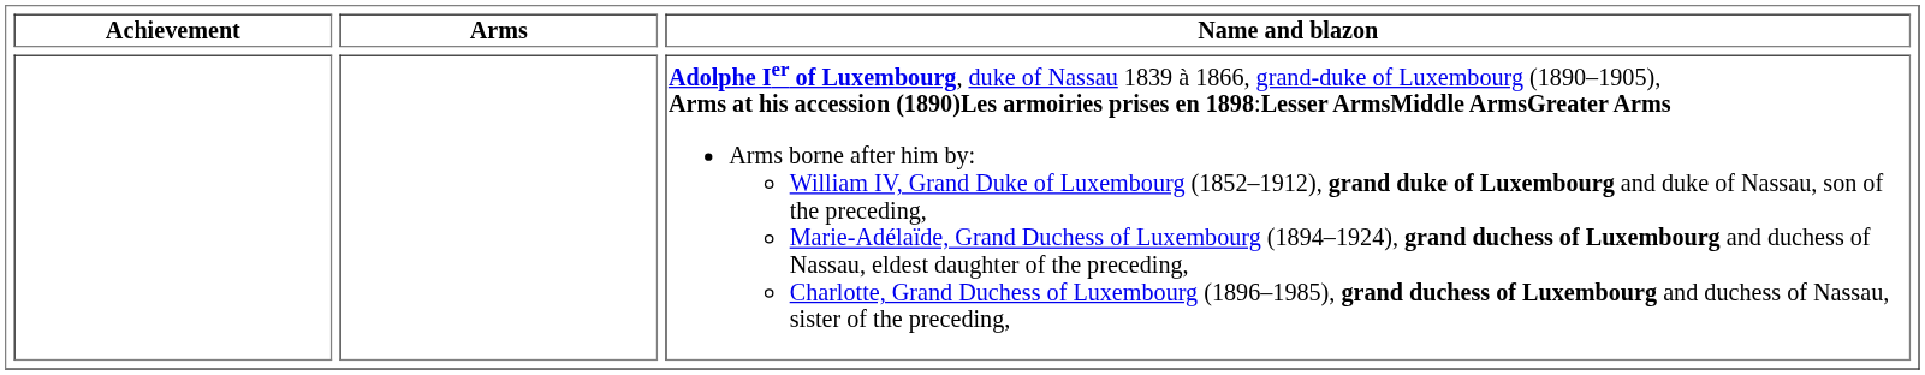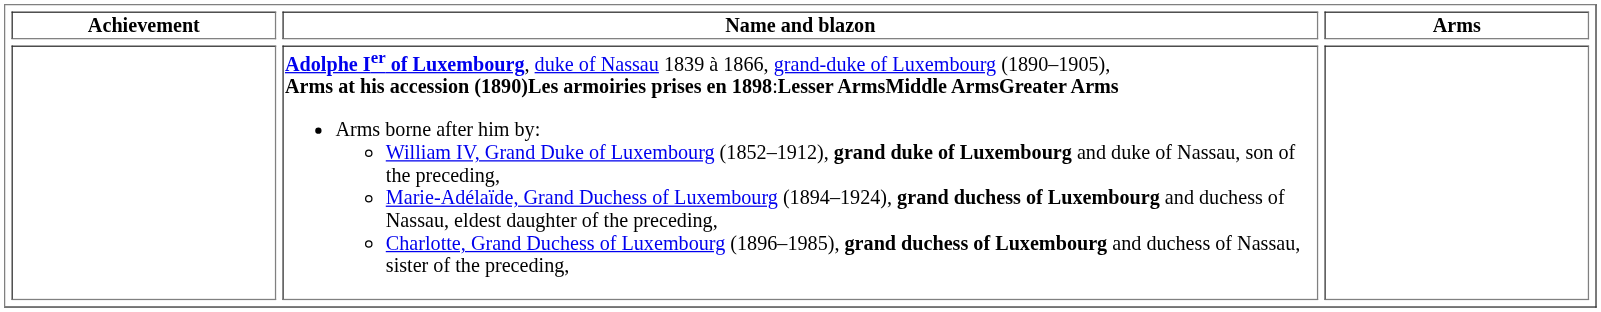 <table border=1 cellspacing=5 width="100%">
 <tr valign=top align=center>
 <td width="206"><strong>Achievement</strong></td>
+<td><strong>Name and blazon</strong></td>
 <td width="206"><strong>Arms</strong></td>
-<td><strong>Name and blazon</strong></td>
 </tr>
 <tr valign=top>
 <td align=center><br><br><br><br><br><br><br></td>
+<td><strong><a href='#'>Adolphe I<sup>er</sup> of Luxembourg</a></strong>, <a href='#'>duke of Nassau</a> 1839 à 1866, <a href='#'>grand-duke of Luxembourg</a> (1890–1905),<br><strong>Arms at his accession (1890)</strong><strong>Les armoiries prises en 1898</strong>:<strong>Lesser Arms</strong><strong>Middle Arms</strong><strong>Greater Arms</strong><ul><li>Arms borne after him by:<ul><li><a href='#'>William IV, Grand Duke of Luxembourg</a> (1852–1912), <strong>grand duke of Luxembourg</strong> and duke of Nassau, son of the preceding,</li><li><a href='#'>Marie-Adélaïde, Grand Duchess of Luxembourg</a> (1894–1924), <strong>grand duchess of Luxembourg</strong> and duchess of Nassau, eldest daughter of the preceding,</li><li><a href='#'>Charlotte, Grand Duchess of Luxembourg</a> (1896–1985), <strong>grand duchess of Luxembourg</strong> and duchess of Nassau, sister of the preceding,</li></ul></li></ul></td>
 <td align=center><br> <br><br></td>
-<td><strong><a href='#'>Adolphe I<sup>er</sup> of Luxembourg</a></strong>, <a href='#'>duke of Nassau</a> 1839 à 1866, <a href='#'>grand-duke of Luxembourg</a> (1890–1905),<br><strong>Arms at his accession (1890)</strong><strong>Les armoiries prises en 1898</strong>:<strong>Lesser Arms</strong><strong>Middle Arms</strong><strong>Greater Arms</strong><ul><li>Arms borne after him by:<ul><li><a href='#'>William IV, Grand Duke of Luxembourg</a> (1852–1912), <strong>grand duke of Luxembourg</strong> and duke of Nassau, son of the preceding,</li><li><a href='#'>Marie-Adélaïde, Grand Duchess of Luxembourg</a> (1894–1924), <strong>grand duchess of Luxembourg</strong> and duchess of Nassau, eldest daughter of the preceding,</li><li><a href='#'>Charlotte, Grand Duchess of Luxembourg</a> (1896–1985), <strong>grand duchess of Luxembourg</strong> and duchess of Nassau, sister of the preceding,</li></ul></li></ul></td>
 </tr>
 </table>
